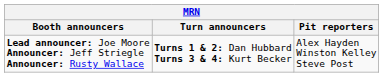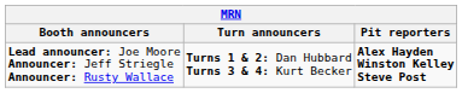 <table class="wikitable" style="font-size: 95%;">
 <tr>
 <th colspan="3"><a href='#'>MRN</a></th>
 </tr>
 <tr>
 <th>Booth announcers</th>
 <th>Turn announcers</th>
 <th>Pit reporters</th>
 </tr>
 <tr>
 <td><strong>Lead announcer:</strong> Joe Moore<br><strong>Announcer:</strong> Jeff Striegle<br><strong>Announcer:</strong> <a href='#'>Rusty Wallace</a></td>
 <td><strong>Turns 1 & 2:</strong> Dan Hubbard<br><strong>Turns 3 & 4:</strong> Kurt Becker</td>
-<td>Alex Hayden<br>Winston Kelley<br>Steve Post</td>
+<td><strong>Alex Hayden<br>Winston Kelley<br>Steve Post</strong></td>
 </tr>
 </table>
